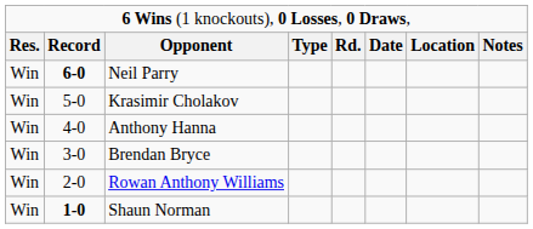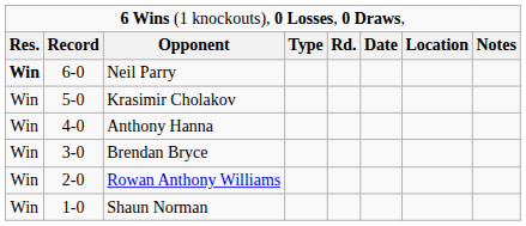 <table class="wikitable" style="text-align:center; font-size:98%">
 <tr>
 <td colspan=10><strong>6 Wins</strong> (1 knockouts), <strong>0 Losses</strong>, <strong>0 Draws</strong>,</td>
 </tr>
 <tr>
 <th>Res.</th>
 <th>Record</th>
 <th>Opponent</th>
 <th>Type</th>
 <th>Rd.</th>
 <th>Date</th>
 <th>Location</th>
 <th>Notes</th>
 </tr>
 <tr>
-<td>Win</td>
-<td><strong>6-0</strong></td>
+<td><strong>Win</strong></td>
+<td>6-0</td>
 <td align=left> Neil Parry</td>
 <td></td>
 <td></td>
 <td></td>
 <td align=left></td>
 <td></td>
 </tr>
 <tr>
 <td>Win</td>
 <td>5-0</td>
 <td align=left> Krasimir Cholakov</td>
 <td></td>
 <td></td>
 <td></td>
 <td align=left></td>
 <td></td>
 </tr>
 <tr>
 <td>Win</td>
 <td>4-0</td>
 <td align=left> Anthony Hanna</td>
 <td></td>
 <td></td>
 <td></td>
 <td align=left></td>
 <td></td>
 </tr>
 <tr>
 <td>Win</td>
 <td>3-0</td>
 <td align=left> Brendan Bryce</td>
 <td></td>
 <td></td>
 <td></td>
 <td align=left></td>
 <td></td>
 </tr>
 <tr>
 <td>Win</td>
 <td>2-0</td>
 <td align=left> <a href='#'>Rowan Anthony Williams</a></td>
 <td></td>
 <td></td>
 <td></td>
 <td align=left></td>
 <td align=left></td>
 </tr>
 <tr>
 <td>Win</td>
-<td><strong>1-0</strong></td>
+<td>1-0</td>
 <td align=left> Shaun Norman</td>
 <td></td>
 <td></td>
 <td></td>
 <td align=left></td>
 <td align=left></td>
 </tr>
 </table>
